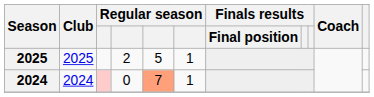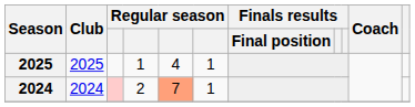 <table class="wikitable sortable plainrowheaders" style="text-align:center;">
 <tr>
 <th scope="col" rowspan=2>Season</th>
 <th scope="col" class="unsortable" rowspan=2>Club</th>
 <th scope="col" colspan="4">Regular season</th>
 <th scope="col" colspan="3">Finals results</th>
 <th scope="col" rowspan=2>Coach</th>
 <th scope="col" class="unsortable" rowspan=2></th>
 </tr>
 <tr>
 <th scope="col"></th>
 <th scope="col"></th>
 <th scope="col"></th>
 <th scope="col"></th>
 <th scope="col">Final position</th>
 <th scope="col"></th>
 <th scope="col"></th>
 </tr>
 <tr>
 <th scope="row" style="text-align:center;">2025</th>
 <td><a href='#'>2025</a></td>
 <td></td>
-<td>2</td>
-<td>5</td>
+<td>1</td>
+<td>4</td>
 <td>1</td>
 <td colspan=3 style="background:#efefef;"></td>
 <td rowspan=2></td>
 <td></td>
 </tr>
 <tr>
 <th scope="row" style="text-align:center;">2024</th>
 <td><a href='#'>2024</a></td>
 <td style="background-color:#fcc;"></td>
-<td>0</td>
+<td>2</td>
 <td style="background: lightsalmon;">7</td>
 <td>1</td>
 <td colspan=3 style="background:#efefef;"></td>
 <td></td>
 </tr>
 <tr>
 </tr>
 </table>
